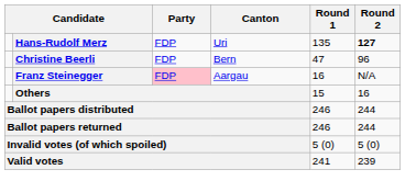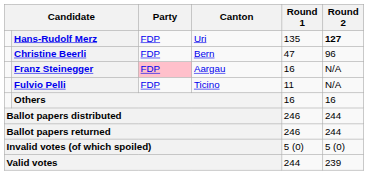 <table class="wikitable">
 <tr>
 <th colspan=2>Candidate</th>
 <th>Party</th>
 <th>Canton</th>
 <th>Round 1</th>
 <th>Round 2</th>
 </tr>
 <tr>
 <td width=5px style="background-color: "></td>
 <td width=200px style="background-color:#F2F2F2"><strong><a href='#'>Hans-Rudolf Merz</a></strong></td>
 <td width=80px><a href='#'>FDP</a></td>
 <td><a href='#'>Uri</a></td>
 <td width=60px>135</td>
 <td width=60px><strong>127</strong></td>
 </tr>
 <tr>
 <td style="background-color: "></td>
 <td style="background-color:#F2F2F2"><strong><a href='#'>Christine Beerli</a></strong></td>
 <td><a href='#'>FDP</a></td>
 <td><a href='#'>Bern</a></td>
 <td>47</td>
 <td>96</td>
 </tr>
 <tr>
 <td style="background-color: "></td>
 <td style="background-color:#F2F2F2"><strong><a href='#'>Franz Steinegger</a></strong></td>
 <td style="background: pink;"><a href='#'>FDP</a></td>
 <td width=140px><a href='#'>Aargau</a></td>
 <td>16</td>
 <td>N/A</td>
 </tr>
 <tr>
+<td style="background-color: "></td>
+<td style="background-color:#F2F2F2"><strong><a href='#'>Fulvio Pelli</a></strong></td>
+<td><a href='#'>FDP</a></td>
+<td><a href='#'>Ticino</a></td>
+<td>11</td>
+<td>N/A</td>
+</tr>
+<tr>
 <td></td>
 <td colspan=3 style="background-color:#F2F2F2"><strong>Others</strong></td>
-<td>15</td>
+<td>16</td>
 <td>16</td>
 </tr>
 <tr>
 <td colspan=4 style="background-color:#F2F2F2"><strong>Ballot papers distributed</strong></td>
 <td>246</td>
 <td>244</td>
 </tr>
 <tr>
 <td colspan=4 style="background-color:#F2F2F2"><strong>Ballot papers returned</strong></td>
 <td>246</td>
 <td>244</td>
 </tr>
 <tr>
 <td colspan=4 style="background-color:#F2F2F2"><strong>Invalid votes (of which spoiled)</strong></td>
 <td>5 (0)</td>
 <td>5 (0)</td>
 </tr>
 <tr>
 <td colspan=4 style="background-color:#F2F2F2"><strong>Valid votes</strong></td>
-<td>241</td>
+<td>244</td>
 <td>239</td>
 </tr>
 </table>
